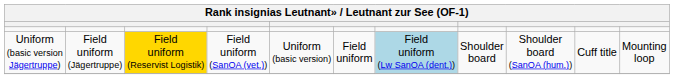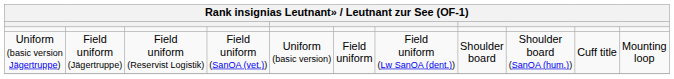 <table class=wikitable>
 <tr>
 <th colspan="11">Rank insignias Leutnant» / Leutnant zur See (OF-1)</th>
 </tr>
 <tr bgcolor="#CCCCCC" align="center">
 <th colspan="4"></th>
 <th colspan="3"></th>
 <th colspan="4"></th>
 </tr>
 <tr align="center">
 <td> </td>
 <td></td>
 <td></td>
 <td></td>
 <td></td>
 <td></td>
 <td></td>
 <td></td>
 <td></td>
 <td></td>
 <td></td>
 </tr>
 <tr align="center">
 <td>Uniform<br><small>(basic version<br><a href='#'>Jägertruppe</a>)</small></td>
 <td>Field<br>uniform<br><small>(Jägertruppe)</small></td>
-<td style="background: gold;">Field<br>uniform<br><small>(Reservist Logistik)</small></td>
+<td>Field<br>uniform<br><small>(Reservist Logistik)</small></td>
 <td>Field<br>uniform<br><small>(<a href='#'>SanOA (vet.)</a>)</small></td>
 <td>Uniform<br><small>(basic version)</small></td>
 <td>Field<br>uniform</td>
-<td style="background: lightblue;">Field<br>uniform<br><small>(<a href='#'>Lw SanOA (dent.)</a>)</small></td>
+<td>Field<br>uniform<br><small>(<a href='#'>Lw SanOA (dent.)</a>)</small></td>
 <td>Shoulder<br>board</td>
 <td>Shoulder<br>board<br><small>(<a href='#'>SanOA (hum.)</a>)</small></td>
 <td>Cuff title</td>
 <td>Mounting<br>loop</td>
 </tr>
 <tr align="center">
 </tr>
 </table>
